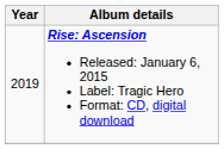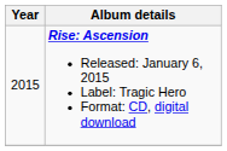 <table class="wikitable" style="text-align:center;">
 <tr>
 <th width="42">Year</th>
 <th width="210">Album details</th>
 </tr>
 <tr>
-<td>2019</td>
+<td>2015</td>
 <td align="left"><strong><em><a href='#'>Rise: Ascension</a></em></strong><br><ul><li>Released: January 6, 2015</li><li>Label: Tragic Hero</li><li>Format: <a href='#'>CD</a>, <a href='#'>digital download</a></li></ul></td>
 </tr>
 <tr>
 </tr>
 </table>
